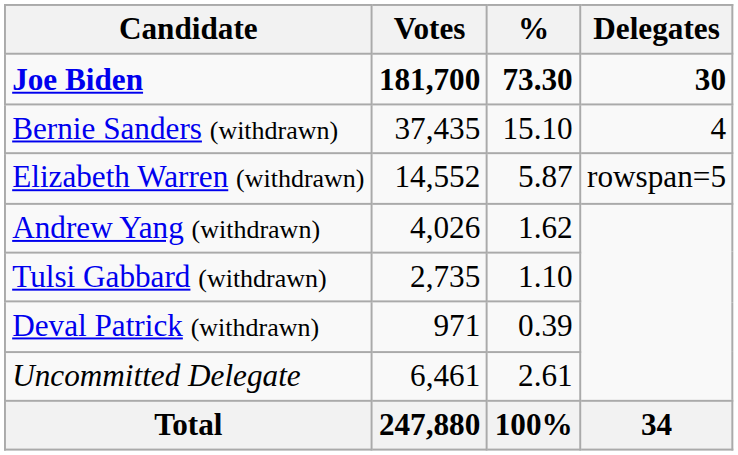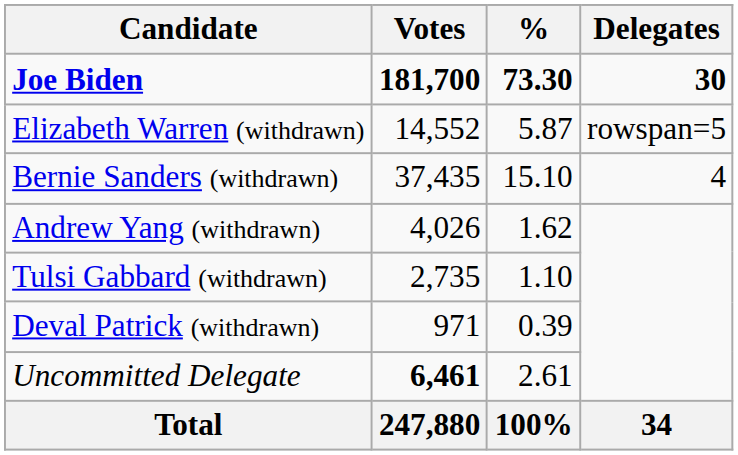 <table class="wikitable sortable" style="text-align:right;">
 <tr>
 <th>Candidate</th>
 <th>Votes</th>
 <th>%</th>
 <th>Delegates</th>
 </tr>
 <tr>
 <td style="text-align:left;" data-sort-value="Biden, Joe"><strong><a href='#'>Joe Biden</a></strong></td>
 <td><strong>181,700</strong></td>
 <td><strong>73.30</strong></td>
 <td><strong>30</strong></td>
 </tr>
 <tr>
+<td style="text-align:left;" data-sort-value="Warren, Elizabeth"><a href='#'>Elizabeth Warren</a> <small>(withdrawn)</small></td>
+<td>14,552</td>
+<td>5.87</td>
+<td>rowspan=5 </td>
+</tr>
+<tr>
 <td style="text-align:left;" data-sort-value="Sanders, Bernie"><a href='#'>Bernie Sanders</a> <small>(withdrawn)</small></td>
 <td>37,435</td>
 <td>15.10</td>
 <td>4</td>
-</tr>
-<tr>
-<td style="text-align:left;" data-sort-value="Warren, Elizabeth"><a href='#'>Elizabeth Warren</a> <small>(withdrawn)</small></td>
-<td>14,552</td>
-<td>5.87</td>
-<td>rowspan=5 </td>
 </tr>
 <tr>
 <td style="text-align:left;" data-sort-value="Yang, Andrew"><a href='#'>Andrew Yang</a> <small>(withdrawn)</small></td>
 <td>4,026</td>
 <td>1.62</td>
 </tr>
 <tr>
 <td style="text-align:left;" data-sort-value="Gabbard, Tulsi"><a href='#'>Tulsi Gabbard</a> <small>(withdrawn)</small></td>
 <td>2,735</td>
 <td>1.10</td>
 </tr>
 <tr>
 <td style="text-align:left;" data-sort-value="Patrick, Deval"><a href='#'>Deval Patrick</a> <small>(withdrawn)</small></td>
 <td>971</td>
 <td>0.39</td>
 </tr>
 <tr>
 <td style="text-align:left;"  data-sort-value="ZZ"><em>Uncommitted Delegate</em></td>
-<td>6,461</td>
+<td><strong>6,461</strong></td>
 <td>2.61</td>
 </tr>
 <tr>
 <th>Total</th>
 <th>247,880</th>
 <th>100%</th>
 <th>34</th>
 </tr>
 </table>
